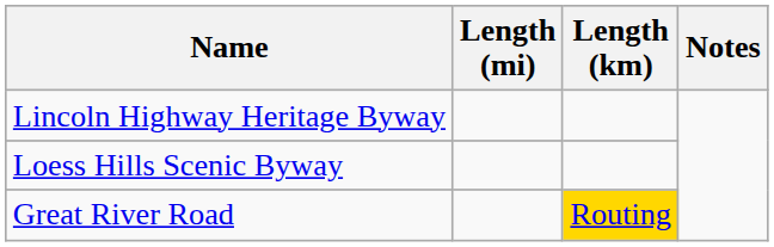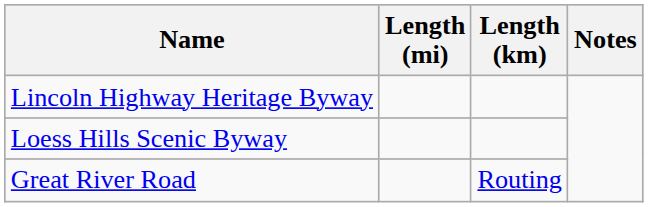 <table class=wikitable>
 <tr>
 <th>Name</th>
 <th>Length<br>(mi)</th>
 <th>Length<br>(km)</th>
 <th>Notes</th>
 </tr>
 <tr>
 <td><a href='#'>Lincoln Highway Heritage Byway</a></td>
 <td></td>
 <td></td>
 </tr>
 <tr>
 <td><a href='#'>Loess Hills Scenic Byway</a></td>
 <td></td>
 <td></td>
 </tr>
 <tr>
 <td><a href='#'>Great River Road</a></td>
 <td></td>
-<td style="background: gold;"><a href='#'>Routing</a></td>
+<td><a href='#'>Routing</a></td>
 </tr>
 </table>
